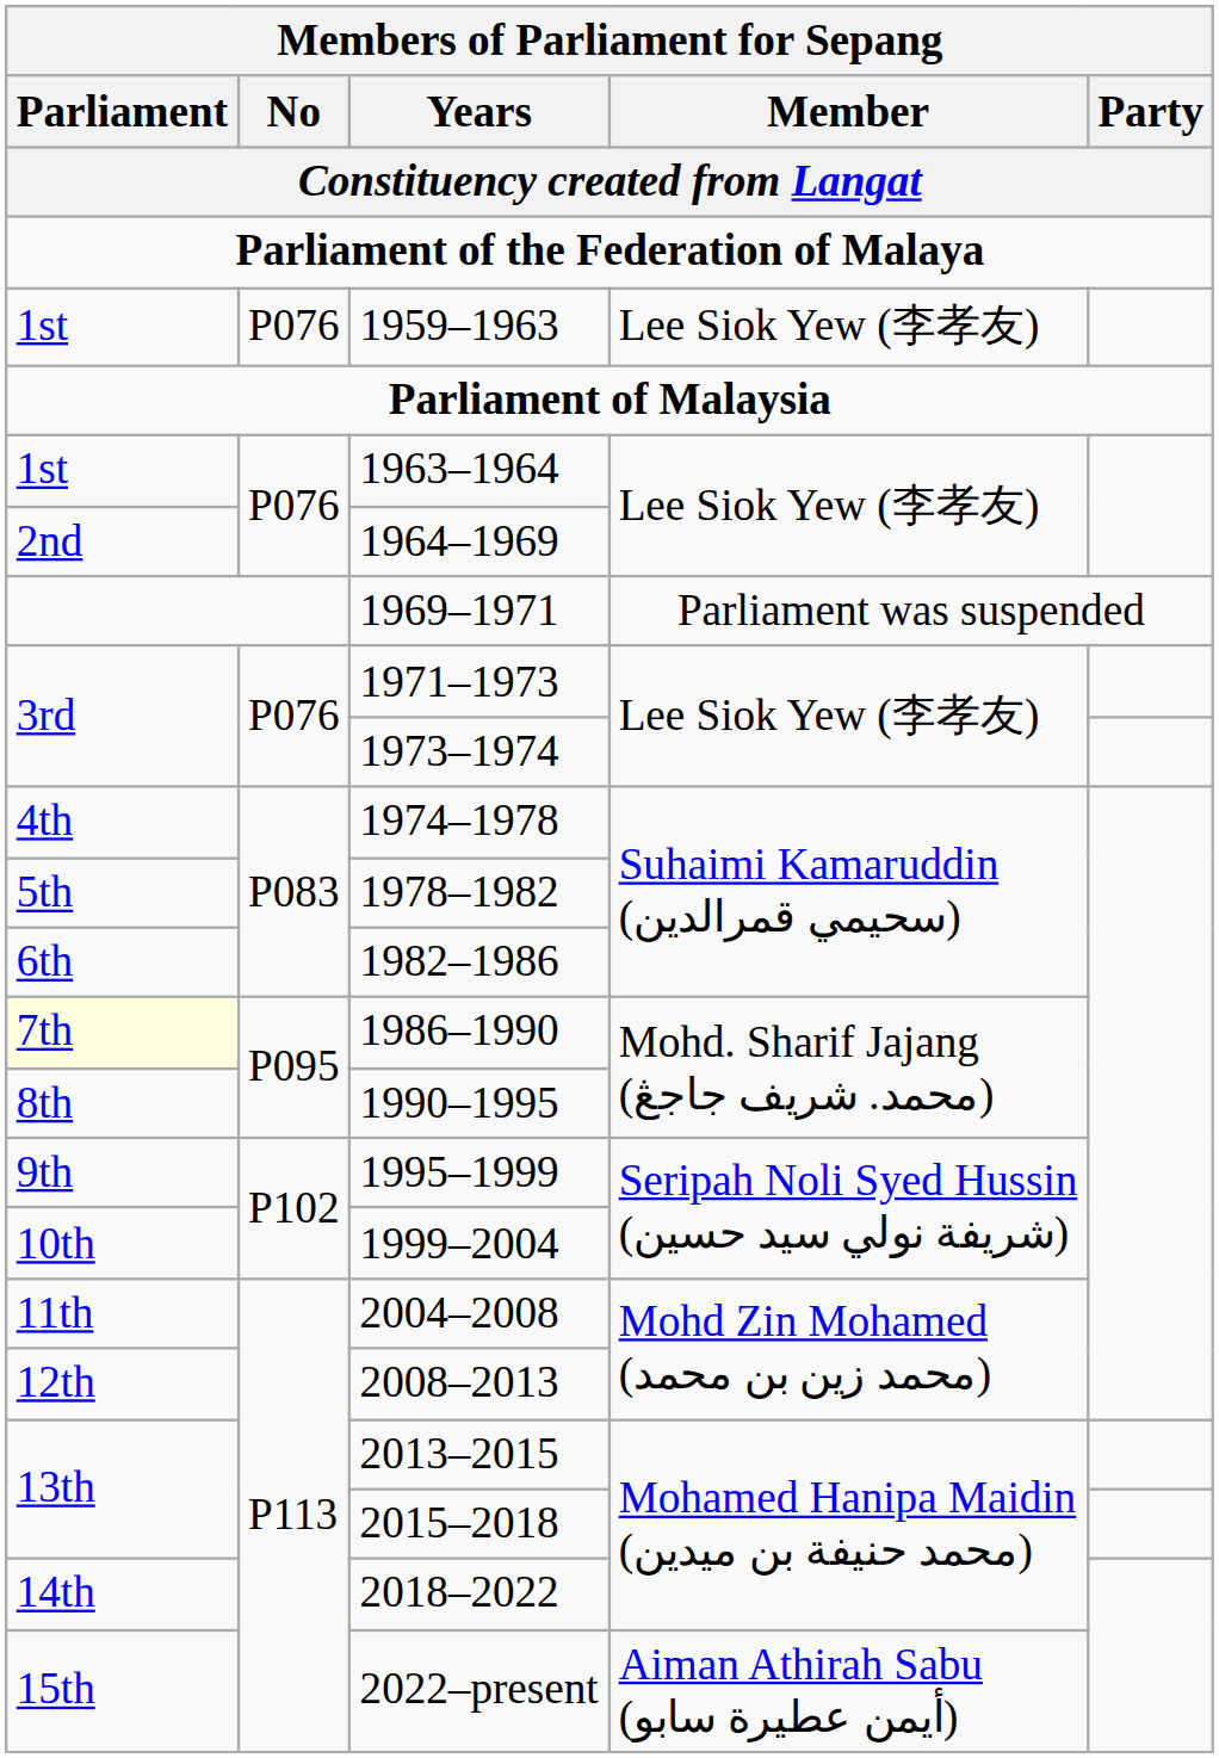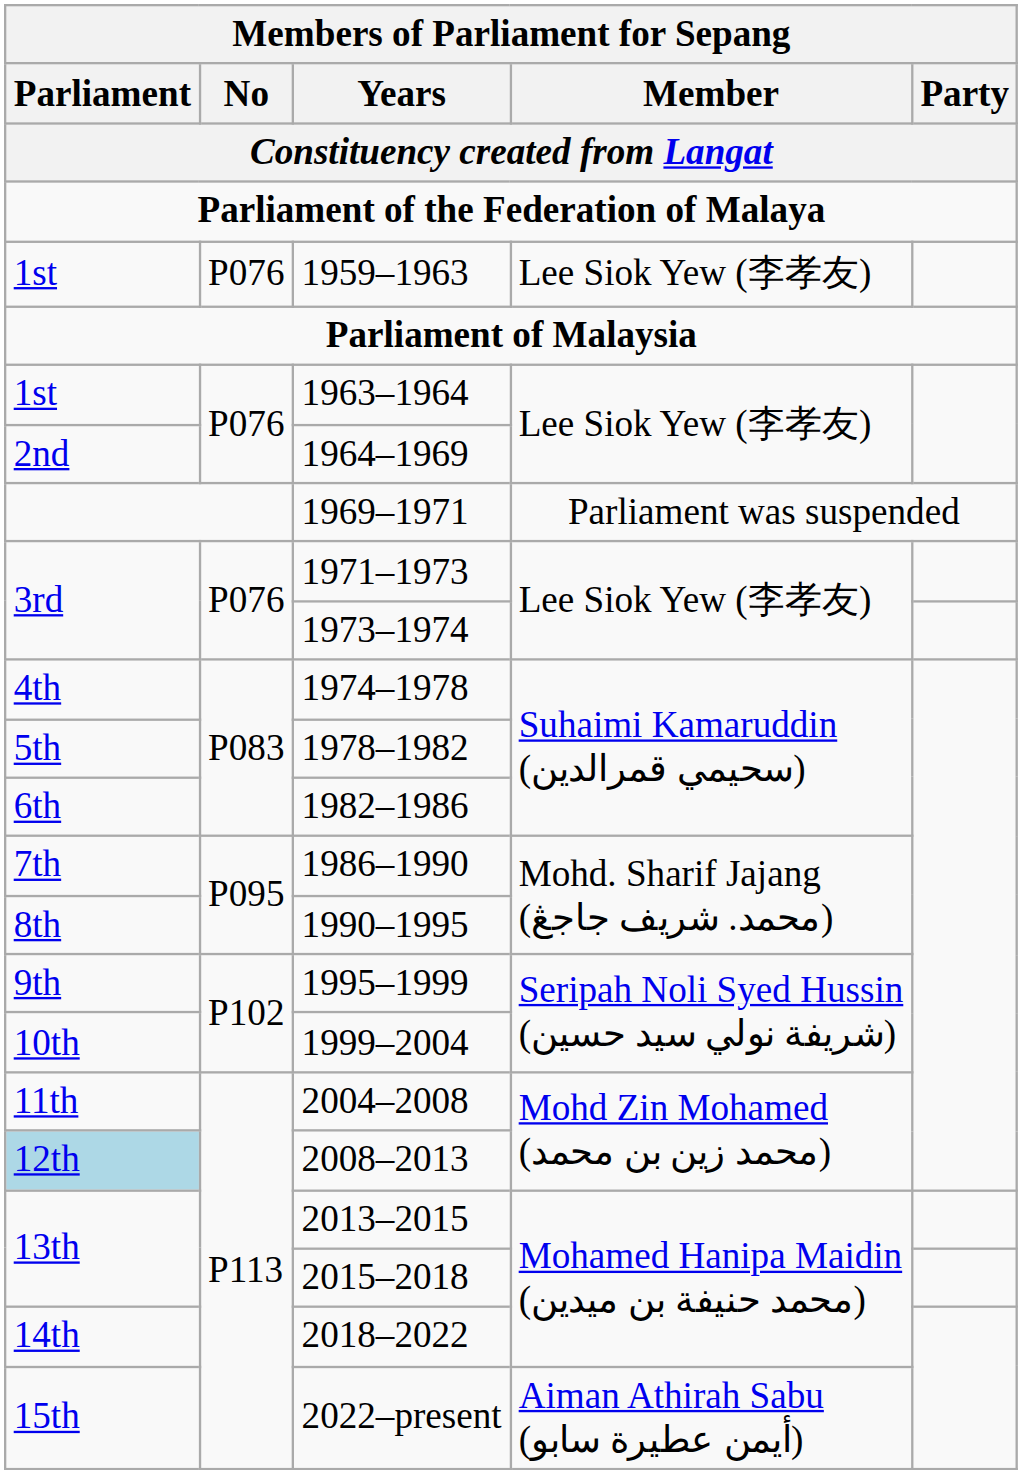 <table class=wikitable>
 <tr>
 <th colspan="5">Members of Parliament for Sepang</th>
 </tr>
 <tr>
 <th>Parliament</th>
 <th>No</th>
 <th>Years</th>
 <th>Member</th>
 <th>Party</th>
 </tr>
 <tr>
 <th colspan="5" align="center"><em>Constituency created from <a href='#'>Langat</a></em></th>
 </tr>
 <tr>
 <td colspan="5" align="center"><strong>Parliament of the Federation of Malaya</strong></td>
 </tr>
 <tr>
 <td><a href='#'>1st</a></td>
 <td>P076</td>
 <td>1959–1963</td>
 <td>Lee Siok Yew (李孝友)</td>
 <td></td>
 </tr>
 <tr>
 <td colspan="5" align="center"><strong>Parliament of Malaysia</strong></td>
 </tr>
 <tr>
 <td><a href='#'>1st</a></td>
 <td rowspan="2">P076</td>
 <td>1963–1964</td>
 <td rowspan=2>Lee Siok Yew (李孝友)</td>
 <td rowspan="2"></td>
 </tr>
 <tr>
 <td><a href='#'>2nd</a></td>
 <td>1964–1969</td>
 </tr>
 <tr>
 <td colspan="2"></td>
 <td>1969–1971</td>
 <td colspan=2 align=center>Parliament was suspended</td>
 </tr>
 <tr>
 <td rowspan=2><a href='#'>3rd</a></td>
 <td rowspan="2">P076</td>
 <td>1971–1973</td>
 <td rowspan=2>Lee Siok Yew (李孝友)</td>
 <td></td>
 </tr>
 <tr>
 <td>1973–1974</td>
 <td></td>
 </tr>
 <tr>
 <td><a href='#'>4th</a></td>
 <td rowspan="3">P083</td>
 <td>1974–1978</td>
 <td rowspan=3><a href='#'>Suhaimi Kamaruddin</a> <br> (سحيمي قمرالدين)</td>
 <td rowspan="9"></td>
 </tr>
 <tr>
 <td><a href='#'>5th</a></td>
 <td>1978–1982</td>
 </tr>
 <tr>
 <td><a href='#'>6th</a></td>
 <td>1982–1986</td>
 </tr>
 <tr>
-<td style="background: lightyellow;"><a href='#'>7th</a></td>
+<td><a href='#'>7th</a></td>
 <td rowspan="2">P095</td>
 <td>1986–1990</td>
 <td rowspan=2>Mohd. Sharif Jajang <br> (محمد. شريف جاجڠ)</td>
 </tr>
 <tr>
 <td><a href='#'>8th</a></td>
 <td>1990–1995</td>
 </tr>
 <tr>
 <td><a href='#'>9th</a></td>
 <td rowspan="2">P102</td>
 <td>1995–1999</td>
 <td rowspan=2><a href='#'>Seripah Noli Syed Hussin</a>  <br>(شريفة نولي سيد حسين)</td>
 </tr>
 <tr>
 <td><a href='#'>10th</a></td>
 <td>1999–2004</td>
 </tr>
 <tr>
 <td><a href='#'>11th</a></td>
 <td rowspan="6">P113</td>
 <td>2004–2008</td>
 <td rowspan=2><a href='#'>Mohd Zin Mohamed</a> <br> (محمد زين بن محمد)</td>
 </tr>
 <tr>
-<td><a href='#'>12th</a></td>
+<td style="background: lightblue;"><a href='#'>12th</a></td>
 <td>2008–2013</td>
 </tr>
 <tr>
 <td rowspan=2><a href='#'>13th</a></td>
 <td>2013–2015</td>
 <td rowspan=3><a href='#'>Mohamed Hanipa Maidin</a> <br> (محمد حنيفة بن ميدين)</td>
 <td></td>
 </tr>
 <tr>
 <td>2015–2018</td>
 <td></td>
 </tr>
 <tr>
 <td><a href='#'>14th</a></td>
 <td>2018–2022</td>
 <td rowspan=2></td>
 </tr>
 <tr>
 <td><a href='#'>15th</a></td>
 <td>2022–present</td>
 <td><a href='#'>Aiman Athirah Sabu</a> <br> (أيمن عطيرة سابو‎)</td>
 </tr>
 </table>
